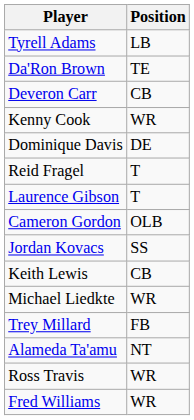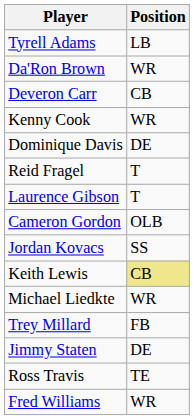 <table class="wikitable sortable">
 <tr>
 <th>Player</th>
 <th>Position</th>
 </tr>
 <tr>
 <td><a href='#'>Tyrell Adams</a></td>
 <td>LB</td>
 </tr>
 <tr>
 <td><a href='#'>Da'Ron Brown</a></td>
-<td>TE</td>
+<td>WR</td>
 </tr>
 <tr>
 <td><a href='#'>Deveron Carr</a></td>
 <td>CB</td>
 </tr>
 <tr>
 <td>Kenny Cook</td>
 <td>WR</td>
 </tr>
 <tr>
 <td>Dominique Davis</td>
 <td>DE</td>
 </tr>
 <tr>
 <td>Reid Fragel</td>
 <td>T</td>
 </tr>
 <tr>
 <td><a href='#'>Laurence Gibson</a></td>
 <td>T</td>
 </tr>
 <tr>
 <td><a href='#'>Cameron Gordon</a></td>
 <td>OLB</td>
 </tr>
 <tr>
 <td><a href='#'>Jordan Kovacs</a></td>
 <td>SS</td>
 </tr>
 <tr>
 <td>Keith Lewis</td>
-<td>CB</td>
+<td style="background: khaki;">CB</td>
 </tr>
 <tr>
 <td>Michael Liedkte</td>
 <td>WR</td>
 </tr>
 <tr>
 <td><a href='#'>Trey Millard</a></td>
 <td>FB</td>
 </tr>
 <tr>
-<td><a href='#'>Alameda Ta'amu</a></td>
-<td>NT</td>
+<td><a href='#'>Jimmy Staten</a></td>
+<td>DE</td>
 </tr>
 <tr>
 <td>Ross Travis</td>
-<td>WR</td>
+<td>TE</td>
 </tr>
 <tr>
 <td><a href='#'>Fred Williams</a></td>
 <td>WR</td>
 </tr>
 </table>
